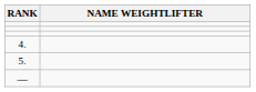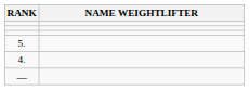 <table class="wikitable" style="font-size:95%;">
 <tr>
 <th>RANK</th>
 <th align="left" style="width: 20em">NAME WEIGHTLIFTER</th>
 </tr>
 <tr>
 <td align="center"></td>
 <td></td>
 </tr>
 <tr>
 <td align="center"></td>
 <td></td>
 </tr>
 <tr>
 <td align="center"></td>
 <td></td>
 </tr>
 <tr>
-<td align="center">4.</td>
+<td align="center">5.</td>
 <td></td>
 </tr>
 <tr>
-<td align="center">5.</td>
+<td align="center">4.</td>
 <td></td>
 </tr>
 <tr>
 <td align="center">—</td>
 <td></td>
 </tr>
 </table>
